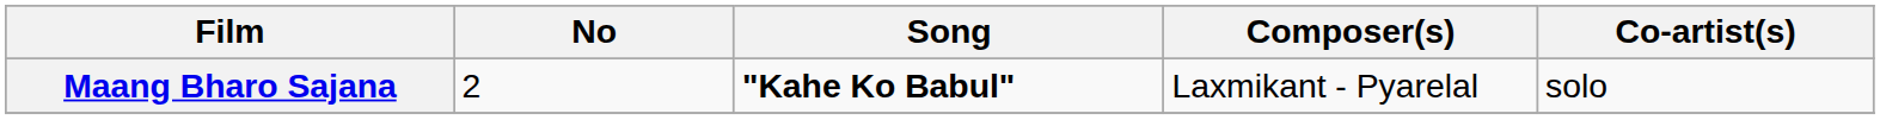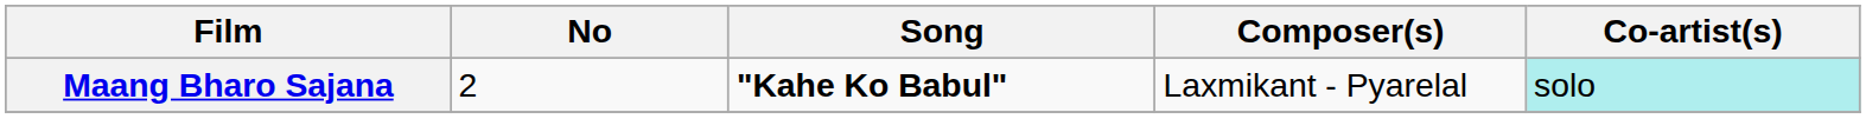 <table class="wikitable plainrowheaders" style="width:100%; textcolor:#000">
 <tr>
 <th scope="col" style="width:24%;">Film</th>
 <th>No</th>
 <th scope="col" style="width:23%;">Song</th>
 <th scope="col" style="width:20%;">Composer(s)</th>
 <th scope="col" style="width:18%;">Co-artist(s)</th>
 </tr>
 <tr>
 <th><a href='#'>Maang Bharo Sajana</a></th>
 <td>2</td>
 <td><strong>"Kahe Ko Babul"</strong></td>
 <td>Laxmikant - Pyarelal</td>
-<td>solo</td>
+<td style="background: paleturquoise;">solo</td>
 </tr>
 <tr>
 </tr>
 </table>
